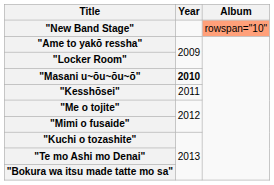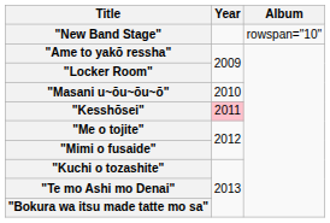 <table class="wikitable plainrowheaders">
 <tr>
 <th scope="col">Title</th>
 <th scope="col">Year</th>
 <th scope="col">Album</th>
 </tr>
 <tr>
 <th scope="row">"New Band Stage"</th>
 <td></td>
-<td style="background: lightsalmon;">rowspan="10" </td>
+<td>rowspan="10" </td>
 </tr>
 <tr>
 <th scope="row">"Ame to yakō ressha"<br></th>
 <td rowspan="2" align="center">2009</td>
 </tr>
 <tr>
 <th scope="row">"Locker Room"</th>
 </tr>
 <tr>
 <th scope="row">"Masani u~ōu~ōu~ō"<br></th>
-<td align="center"><strong>2010</strong></td>
+<td align="center">2010</td>
 </tr>
 <tr>
 <th scope="row">"Kesshōsei"<br></th>
-<td align="center">2011</td>
+<td align="center" style="background: pink;">2011</td>
 </tr>
 <tr>
 <th scope="row">"Me o tojite"<br></th>
 <td align="center" rowspan="2">2012</td>
 </tr>
 <tr>
 <th scope="row">"Mimi o fusaide"<br></th>
 </tr>
 <tr>
 <th scope="row">"Kuchi o tozashite"<br></th>
 <td align="center" rowspan="3">2013</td>
 </tr>
 <tr>
 <th scope="row">"Te mo Ashi mo Denai"<br></th>
 </tr>
 <tr>
 <th scope="row">"Bokura wa itsu made tatte mo sa"<br></th>
 </tr>
 </table>
